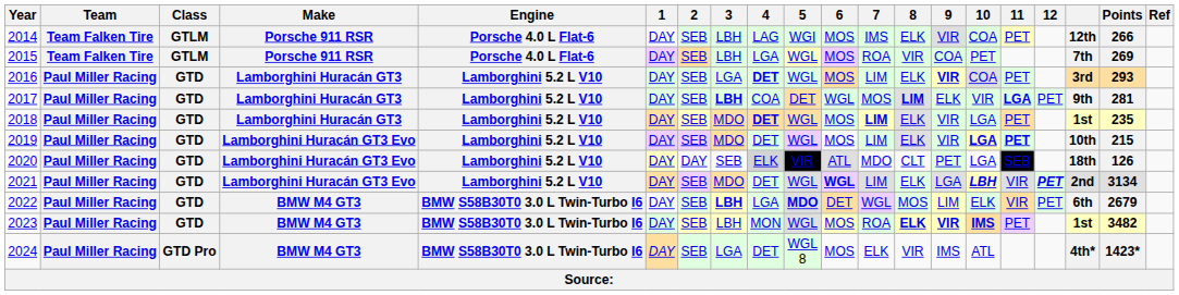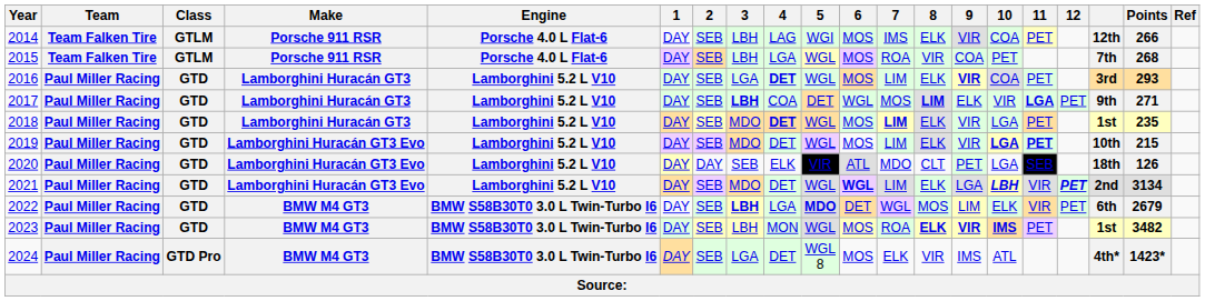 <table class="wikitable" style="text-align:center; font-size:90%">
 <tr>
 <th>Year</th>
 <th>Team</th>
 <th>Class</th>
 <th>Make</th>
 <th>Engine</th>
 <th>1</th>
 <th>2</th>
 <th>3</th>
 <th>4</th>
 <th>5</th>
 <th>6</th>
 <th>7</th>
 <th>8</th>
 <th>9</th>
 <th>10</th>
 <th>11</th>
 <th>12</th>
 <th></th>
 <th>Points</th>
 <th>Ref</th>
 </tr>
 <tr>
 <td><a href='#'>2014</a></td>
 <th><a href='#'>Team Falken Tire</a></th>
 <th>GTLM</th>
 <th><a href='#'>Porsche 911 RSR</a></th>
 <th><a href='#'>Porsche</a> 4.0 L <a href='#'>Flat-6</a></th>
 <td style="background:"><a href='#'>DAY</a> <br></td>
 <td style="background:#dfffdf;"><a href='#'>SEB</a> <br></td>
 <td style="background:#dfffdf;"><a href='#'>LBH</a> <br></td>
 <td style="background:#dfffdf;"><a href='#'>LAG</a> <br></td>
 <td style="background:#dfffdf;"><a href='#'>WGI</a> <br></td>
 <td style="background:#dfffdf;"><a href='#'>MOS</a> <br></td>
 <td style="background:#dfffdf;"><a href='#'>IMS</a> <br></td>
 <td style="background:#dfffdf;"><a href='#'>ELK</a> <br></td>
 <td style="background:#dfdfdf;"><a href='#'>VIR</a> <br></td>
 <td style="background:#dfffdf;"><a href='#'>COA</a> <br></td>
 <td style="background:#FFFFBF;"><a href='#'>PET</a> <br></td>
 <td></td>
 <th>12th</th>
 <th>266</th>
 <td></td>
 </tr>
 <tr>
 <td><a href='#'>2015</a></td>
 <th><a href='#'>Team Falken Tire</a></th>
 <th>GTLM</th>
 <th><a href='#'>Porsche 911 RSR</a></th>
 <th><a href='#'>Porsche</a> 4.0 L <a href='#'>Flat-6</a></th>
 <td style="background:#efcfff;"><a href='#'>DAY</a><br></td>
 <td style="background:#ffdf9f;"><a href='#'>SEB</a><br></td>
 <td style="background:#dfffdf;"><a href='#'>LBH</a><br></td>
 <td style="background:#dfffdf;"><a href='#'>LGA</a><br></td>
 <td style="background:#ffffbf;"><a href='#'>WGL</a><br></td>
 <td style="background:#efcfff;"><a href='#'>MOS</a><br></td>
 <td style="background:#dfffdf;"><a href='#'>ROA</a><br></td>
 <td style="background:#dfffdf;"><a href='#'>VIR</a><br></td>
 <td style="background:#dfffdf;"><a href='#'>COA</a><br></td>
 <td style="background:#dfffdf;"><a href='#'>PET</a><br></td>
 <td></td>
 <td></td>
 <th>7th</th>
-<th>269</th>
+<th>268</th>
 <td></td>
 </tr>
 <tr>
 <td><a href='#'>2016</a></td>
 <th><a href='#'>Paul Miller Racing</a></th>
 <th>GTD</th>
 <th><a href='#'>Lamborghini Huracán GT3</a></th>
 <th><a href='#'>Lamborghini</a> 5.2 L <a href='#'>V10</a></th>
 <td style="background:#dfffdf;"><a href='#'>DAY</a><br></td>
 <td style="background:#dfffdf;"><a href='#'>SEB</a><br></td>
 <td style="background:#dfffdf;"><a href='#'>LGA</a><br></td>
 <td style="background:#dfffdf;"><strong><a href='#'>DET</a></strong><br></td>
 <td style="background:#dfffdf;"><a href='#'>WGL</a><br></td>
 <td style="background:#ffdf9f;"><a href='#'>MOS</a><br></td>
 <td style="background:#dfffdf;"><a href='#'>LIM</a><br></td>
 <td style="background:#dfffdf;"><a href='#'>ELK</a><br></td>
 <td style="background:#ffffbf;"><strong><a href='#'>VIR</a></strong><br></td>
 <td style="background:#dfdfdf;"><a href='#'>COA</a><br></td>
 <td style="background:#dfffdf;"><a href='#'>PET</a><br></td>
 <td></td>
 <th style="background:#ffdf9f;">3rd</th>
 <th style="background:#ffdf9f;">293</th>
 <td></td>
 </tr>
 <tr>
 <td><a href='#'>2017</a></td>
 <th><a href='#'>Paul Miller Racing</a></th>
 <th>GTD</th>
 <th><a href='#'>Lamborghini Huracán GT3</a></th>
 <th><a href='#'>Lamborghini</a> 5.2 L <a href='#'>V10</a></th>
 <td style="background:#dfffdf;"><a href='#'>DAY</a><br></td>
 <td style="background:#dfffdf;"><a href='#'>SEB</a><br></td>
 <td style="background:#dfffdf;"><strong><a href='#'>LBH</a></strong><br></td>
 <td style="background:#dfffdf;"><a href='#'>COA</a><br></td>
 <td style="background:#ffdf9f;"><a href='#'>DET</a><br></td>
 <td style="background:#dfffdf;"><a href='#'>WGL</a><br></td>
 <td style="background:#dfffdf;"><a href='#'>MOS</a><br></td>
 <td style="background:#dfdfdf;"><strong><a href='#'>LIM</a></strong><br></td>
 <td style="background:#dfffdf;"><a href='#'>ELK</a><br></td>
 <td style="background:#dfffdf;"><a href='#'>VIR</a><br></td>
 <td style="background:#dfffdf;"><strong><a href='#'>LGA</a></strong><br></td>
 <td style="background:#dfffdf;"><a href='#'>PET</a><br></td>
 <th>9th</th>
-<th>281</th>
+<th>271</th>
 <td></td>
 </tr>
 <tr>
 <td><a href='#'>2018</a></td>
 <th><a href='#'>Paul Miller Racing</a></th>
 <th>GTD</th>
 <th><a href='#'>Lamborghini Huracán GT3</a></th>
 <th><a href='#'>Lamborghini</a> 5.2 L <a href='#'>V10</a></th>
 <td style="background:#ffdf9f;"><a href='#'>DAY</a><br></td>
 <td style="background:#ffffbf;"><a href='#'>SEB</a><br></td>
 <td style="background:#ffdf9f;"><a href='#'>MDO</a><br></td>
 <td style="background:#ffdf9f;"><strong><a href='#'>DET</a></strong><br></td>
 <td style="background:#ffdf9f;"><a href='#'>WGL</a><br></td>
 <td style="background:#dfffdf;"><a href='#'>MOS</a><br></td>
 <td style="background:#ffffbf;"><strong><a href='#'>LIM</a><br></strong></td>
 <td style="background:#dfdfdf;"><a href='#'>ELK</a><br></td>
 <td style="background:#dfffdf;"><a href='#'>VIR</a><br></td>
 <td style="background:#dfffdf;"><a href='#'>LGA</a><br></td>
 <td style="background:#ffdf9f;"><a href='#'>PET</a><br></td>
 <td></td>
 <th style="background:#ffffbf;">1st</th>
 <th style="background:#ffffbf;">235</th>
 <td></td>
 </tr>
 <tr>
 <td><a href='#'>2019</a></td>
 <th><a href='#'>Paul Miller Racing</a></th>
 <th>GTD</th>
 <th><a href='#'>Lamborghini Huracán GT3 Evo</a></th>
 <th><a href='#'>Lamborghini</a> 5.2 L <a href='#'>V10</a></th>
 <td style="background:#efcfff;"><a href='#'>DAY</a><br></td>
 <td style="background:#efcfff;"><a href='#'>SEB</a><br></td>
 <td style="background:#ffdf9f;"><a href='#'>MDO</a><br></td>
 <td style="background:#dfffdf;"><a href='#'>DET</a><br></td>
 <td style="background:#efcfff;"><a href='#'>WGL</a><br></td>
 <td style="background:#;"><a href='#'>MOS</a><br></td>
 <td style="background:#dfffdf;"><a href='#'>LIM</a><br></td>
 <td style="background:#dfdfdf;"><a href='#'>ELK</a><br></td>
 <td style="background:#dfffdf;"><a href='#'>VIR</a><br></td>
 <td style="background:#ffffbf;"><strong><a href='#'>LGA</a></strong><br></td>
 <td style="background:#dfffdf;"><a href='#'><strong>PET</strong></a><br></td>
 <td></td>
 <th>10th</th>
 <th>215</th>
 <td></td>
 </tr>
 <tr>
 <td><a href='#'>2020</a></td>
 <th><a href='#'>Paul Miller Racing</a></th>
 <th>GTD</th>
 <th><a href='#'>Lamborghini Huracán GT3 Evo</a></th>
 <th><a href='#'>Lamborghini</a> 5.2 L <a href='#'>V10</a></th>
 <td style="background:#ffffbf;"><a href='#'>DAY</a><br></td>
 <td><a href='#'>DAY</a></td>
 <td><a href='#'>SEB</a></td>
-<td style="background: lightgrey;"><a href='#'>ELK</a></td>
+<td><a href='#'>ELK</a></td>
 <td style="background:#000000;color:white"><span><a href='#'>VIR</a></span><br></td>
 <td style="background:#dfdfdf;"><a href='#'>ATL</a><br></td>
 <td><a href='#'>MDO</a></td>
 <td><a href='#'>CLT</a></td>
 <td style="background:#dfffdf;"><a href='#'>PET</a><br></td>
 <td><a href='#'>LGA</a></td>
 <td style="background:#000000;color:white"><a href='#'><span>SEB</span></a><br></td>
 <td></td>
 <th>18th</th>
 <th>126</th>
 <td></td>
 </tr>
 <tr>
 <td><a href='#'>2021</a></td>
 <th><a href='#'>Paul Miller Racing</a></th>
 <th>GTD</th>
 <th><a href='#'>Lamborghini Huracán GT3 Evo</a></th>
 <th><a href='#'>Lamborghini</a> 5.2 L <a href='#'>V10</a></th>
 <td style="background:#ffdf9f;"><a href='#'>DAY</a><br></td>
 <td style="background:#efcfff;"><a href='#'>SEB</a><br></td>
 <td style="background:#ffdf9f;"><a href='#'>MDO</a><br></td>
 <td style="background:#dfffdf;"><a href='#'>DET</a><br></td>
 <td style="background:#dfdfdf;"><a href='#'>WGL</a><br></td>
 <td style="background:#efcfff;"><strong><a href='#'>WGL</a></strong><br></td>
 <td style="background:#dfdfdf;"><a href='#'>LIM</a><br></td>
 <td style="background:#dfffdf;"><a href='#'>ELK</a><br></td>
 <td style="background:#dfdfdf;"><a href='#'>LGA</a><br></td>
 <td style="background:#ffffbf;"><strong><em><a href='#'>LBH</a></em></strong><br></td>
 <td style="background:#dfdfdf;"><a href='#'>VIR</a><br></td>
 <td style="background:#dfffdf;"><strong><em><a href='#'>PET</a></em></strong><br></td>
 <th style="background:#dfdfdf;">2nd</th>
 <th style="background:#dfdfdf;">3134</th>
 <td></td>
 </tr>
 <tr>
 <td><a href='#'>2022</a></td>
 <th><a href='#'>Paul Miller Racing</a></th>
 <th>GTD</th>
 <th><a href='#'>BMW M4 GT3</a></th>
 <th><a href='#'>BMW</a> <a href='#'>S58B30T0</a> 3.0 L Twin-Turbo <a href='#'>I6</a></th>
 <td style="background:"><a href='#'>DAY</a><br></td>
 <td style="background:#DFFFDF;"><a href='#'>SEB</a><br></td>
 <td style="background:#FFFFBF;"><strong><a href='#'>LBH</a></strong><br></td>
 <td style="background:#DFFFDF;"><a href='#'>LGA</a><br></td>
 <td style="background:#DFDFDF;"><strong><a href='#'>MDO</a></strong><br></td>
 <td style="background:#FFDF9F;"><a href='#'>DET</a><br></td>
 <td style="background:#EFCFFF;"><a href='#'>WGL</a><br></td>
 <td style="background:#DFFFDF;"><a href='#'>MOS</a><br></td>
 <td style="background:#ffffbf;"><a href='#'>LIM</a><br></td>
 <td style="background:#dfffdf;"><a href='#'>ELK</a><br></td>
 <td style="background:#ffdf9f;"><a href='#'>VIR</a><br></td>
 <td style="background:#dfffdf;"><a href='#'>PET</a><br></td>
 <th>6th</th>
 <th>2679</th>
 <td></td>
 </tr>
 <tr>
 <td><a href='#'>2023</a></td>
 <th><a href='#'>Paul Miller Racing</a></th>
 <th>GTD</th>
 <th><a href='#'>BMW M4 GT3</a></th>
 <th><a href='#'>BMW</a> <a href='#'>S58B30T0</a> 3.0 L Twin-Turbo <a href='#'>I6</a></th>
 <td style="background:#DFFFDF;"><a href='#'>DAY</a><br></td>
 <td style="background:#FFFFBF;"><a href='#'>SEB</a><br></td>
 <td style="background:#FFFFBF;"><a href='#'>LBH</a><br></td>
 <td style="background:#dfffdf;"><a href='#'>MON</a><br></td>
 <td style="background:#DFDFDF;"><a href='#'>WGL</a><br></td>
 <td style="background:#FFFFBF;"><a href='#'>MOS</a><br></td>
 <td style="background:#dfffdf;"><a href='#'>ROA</a><br></td>
 <td style="background:#FFFFBF;"><strong><a href='#'>ELK</a><br></strong></td>
 <td style="background:#FFFFBF;"><strong><a href='#'>VIR</a><br></strong></td>
 <td style="background:#ffdf9f;"><strong><a href='#'>IMS</a><br></strong></td>
 <td style="background:#EFCFFF;"><a href='#'>PET</a><br></td>
 <td></td>
 <th style="background:#FFFFBF;”">1st</th>
 <th style="background:#FFFFBF;”">3482</th>
 <td></td>
 </tr>
 <tr>
 <td><a href='#'>2024</a></td>
 <th><a href='#'>Paul Miller Racing</a></th>
 <th>GTD Pro</th>
 <th><a href='#'>BMW M4 GT3</a></th>
 <th><a href='#'>BMW</a> <a href='#'>S58B30T0</a> 3.0 L Twin-Turbo <a href='#'>I6</a></th>
 <td style="background:#ffdf9f;"><em><a href='#'>DAY</a><br></em></td>
 <td style="background:#dfffdf;"><a href='#'>SEB</a><br></td>
 <td style="background:#dfffdf;"><a href='#'>LGA</a><br></td>
 <td style="background:#dfffdf;"><a href='#'>DET</a><br></td>
 <td style="background:#dfffdf;"><a href='#'>WGL</a><br>8</td>
 <td style="background:#;"><a href='#'>MOS</a><br></td>
 <td style="background:#;"><a href='#'>ELK</a><br></td>
 <td style="background:#;"><a href='#'>VIR</a><br></td>
 <td style="background:#;"><a href='#'>IMS</a><br></td>
 <td style="background:#;"><a href='#'>ATL</a><br></td>
 <td></td>
 <td></td>
 <th style="background:#;">4th*</th>
 <th style="background:#;">1423*</th>
 <td></td>
 </tr>
 <tr>
 <th colspan="20">Source:</th>
 </tr>
 </table>
